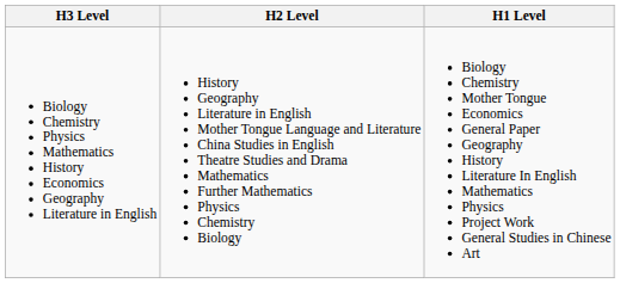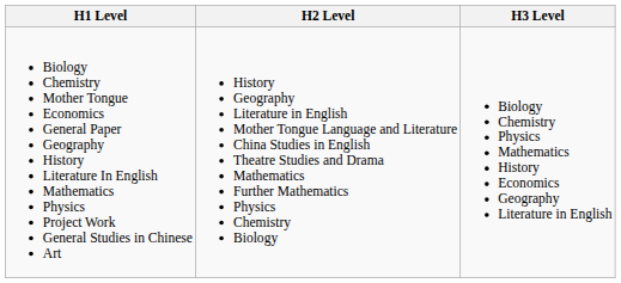 <table class="wikitable">
 <tr>
+<th>H1 Level</th>
+<th>H2 Level</th>
 <th>H3 Level</th>
-<th>H2 Level</th>
-<th>H1 Level</th>
 </tr>
 <tr>
+<td><br><ul><li>Biology</li><li>Chemistry</li><li>Mother Tongue</li><li>Economics</li><li>General Paper</li><li>Geography</li><li>History</li><li>Literature In English</li><li>Mathematics</li><li>Physics</li><li>Project Work</li><li>General Studies in Chinese</li><li>Art</li></ul></td>
+<td><br><ul><li>History</li><li>Geography</li><li>Literature in English</li><li>Mother Tongue Language and Literature</li><li>China Studies in English</li><li>Theatre Studies and Drama</li><li>Mathematics</li><li>Further Mathematics</li><li>Physics</li><li>Chemistry</li><li>Biology</li></ul></td>
 <td><br><ul><li>Biology</li><li>Chemistry</li><li>Physics</li><li>Mathematics</li><li>History</li><li>Economics</li><li>Geography</li><li>Literature in English</li></ul></td>
-<td><br><ul><li>History</li><li>Geography</li><li>Literature in English</li><li>Mother Tongue Language and Literature</li><li>China Studies in English</li><li>Theatre Studies and Drama</li><li>Mathematics</li><li>Further Mathematics</li><li>Physics</li><li>Chemistry</li><li>Biology</li></ul></td>
-<td><br><ul><li>Biology</li><li>Chemistry</li><li>Mother Tongue</li><li>Economics</li><li>General Paper</li><li>Geography</li><li>History</li><li>Literature In English</li><li>Mathematics</li><li>Physics</li><li>Project Work</li><li>General Studies in Chinese</li><li>Art</li></ul></td>
 </tr>
 </table>
